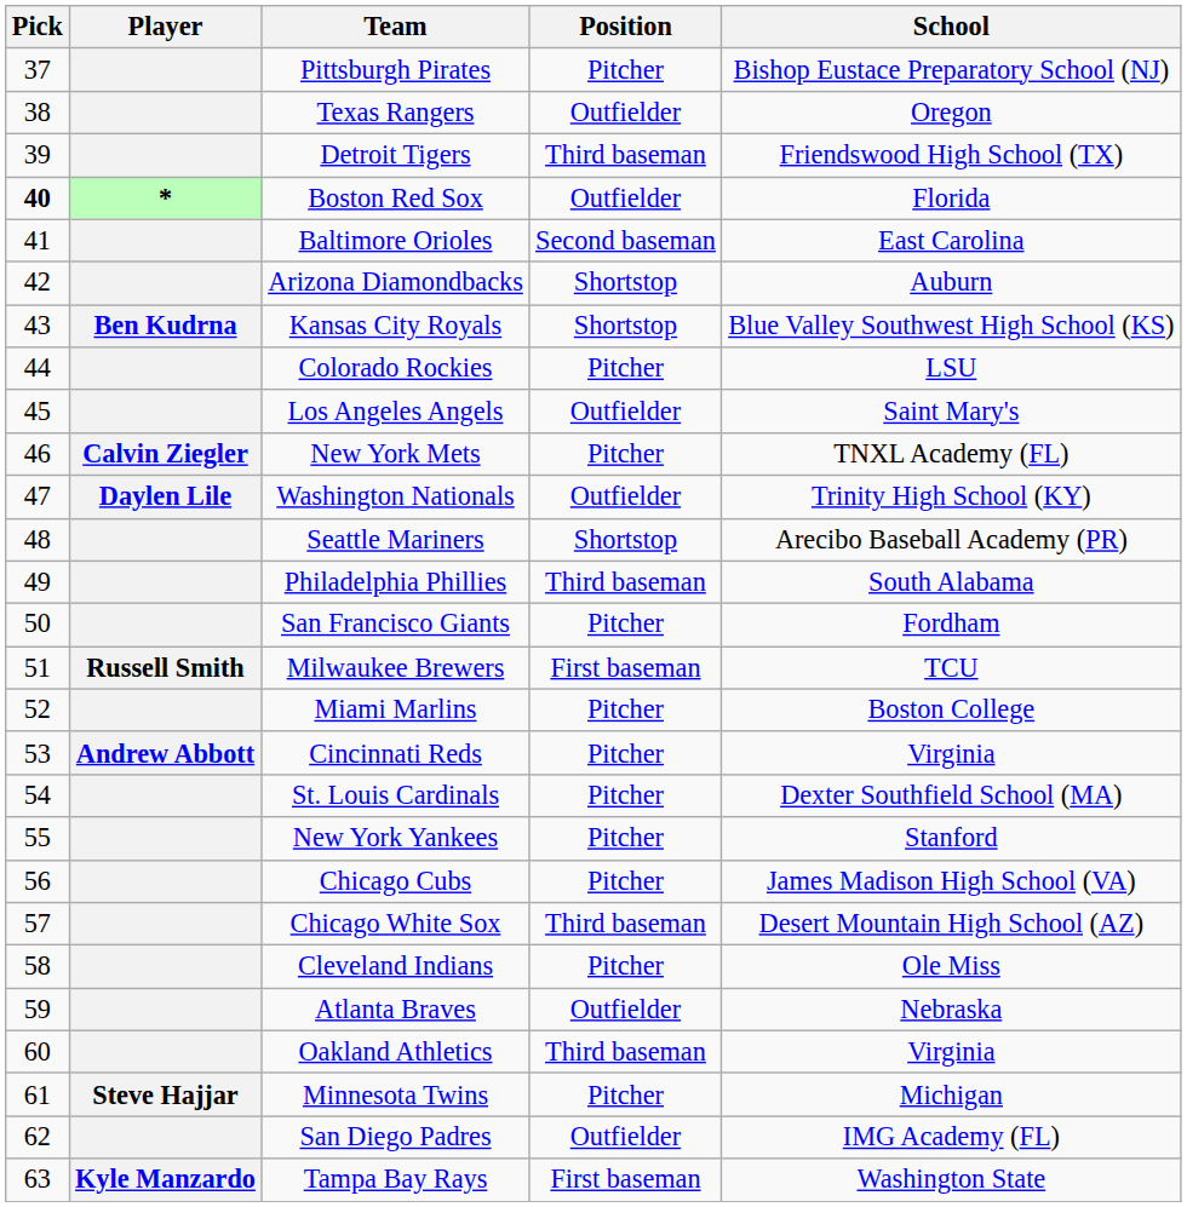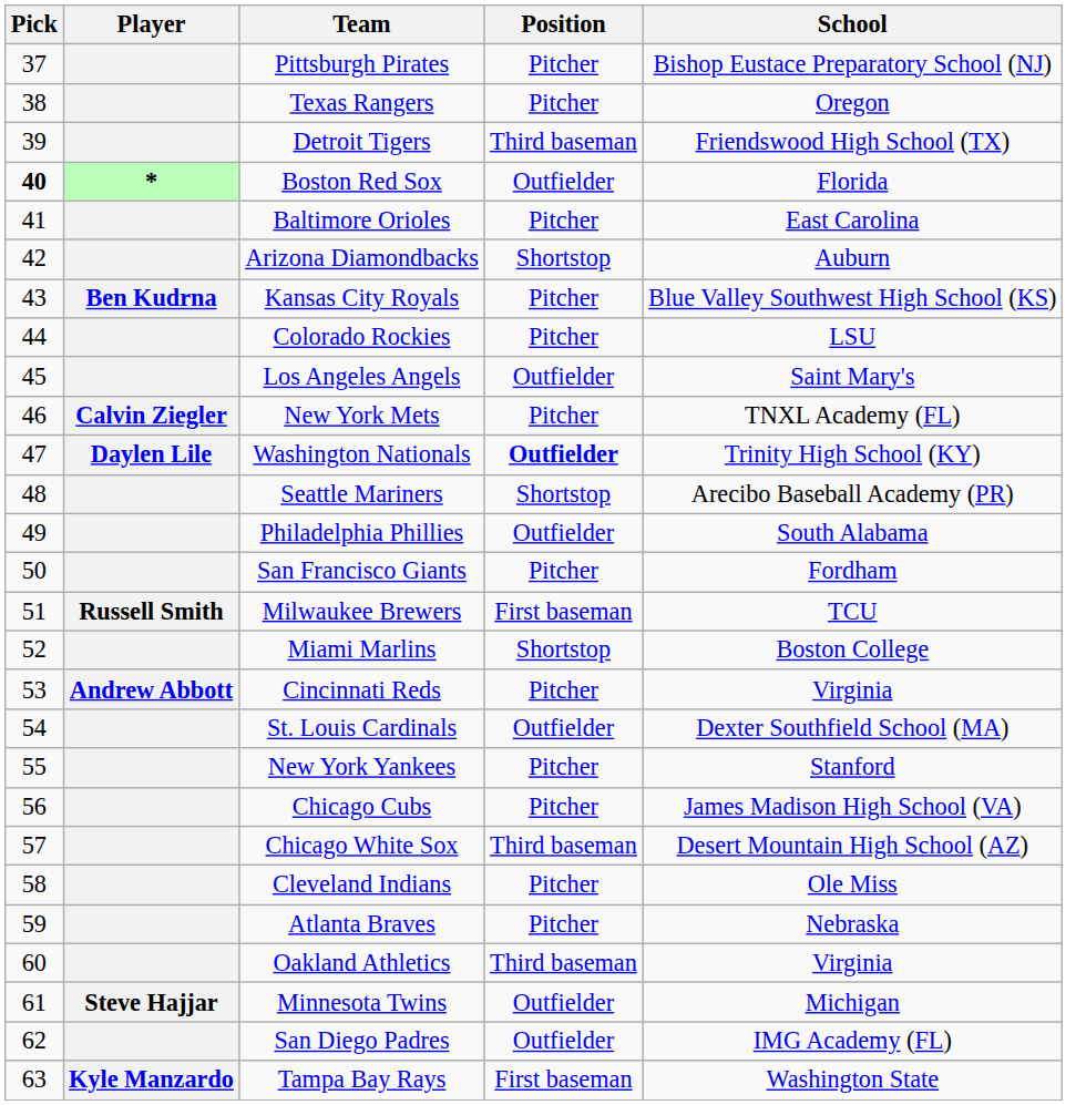 <table class="wikitable sortable plainrowheaders" style="text-align:center; width=74%">
 <tr>
 <th scope="col">Pick</th>
 <th scope="col">Player</th>
 <th scope="col">Team</th>
 <th scope="col">Position</th>
 <th scope="col">School</th>
 </tr>
 <tr>
 <td>37</td>
 <th scope="row" style="text-align:center"></th>
 <td><a href='#'>Pittsburgh Pirates</a></td>
 <td><a href='#'>Pitcher</a></td>
 <td><a href='#'>Bishop Eustace Preparatory School</a> (<a href='#'>NJ</a>)</td>
 </tr>
 <tr>
 <td>38</td>
 <th scope="row" style="text-align:center"></th>
 <td><a href='#'>Texas Rangers</a></td>
-<td><a href='#'>Outfielder</a></td>
+<td><a href='#'>Pitcher</a></td>
 <td><a href='#'>Oregon</a></td>
 </tr>
 <tr>
 <td>39</td>
 <th scope="row" style="text-align:center"></th>
 <td><a href='#'>Detroit Tigers</a></td>
 <td><a href='#'>Third baseman</a></td>
 <td><a href='#'>Friendswood High School</a> (<a href='#'>TX</a>)</td>
 </tr>
 <tr>
 <td><strong>40</strong></td>
 <th scope="row" style="text-align:center; background:#bfb;”">*</th>
 <td><a href='#'>Boston Red Sox</a></td>
 <td><a href='#'>Outfielder</a></td>
 <td><a href='#'>Florida</a></td>
 </tr>
 <tr>
 <td>41</td>
 <th scope="row" style="text-align:center"></th>
 <td><a href='#'>Baltimore Orioles</a></td>
-<td><a href='#'>Second baseman</a></td>
+<td><a href='#'>Pitcher</a></td>
 <td><a href='#'>East Carolina</a></td>
 </tr>
 <tr>
 <td>42</td>
 <th scope="row" style="text-align:center"></th>
 <td><a href='#'>Arizona Diamondbacks</a></td>
 <td><a href='#'>Shortstop</a></td>
 <td><a href='#'>Auburn</a></td>
 </tr>
 <tr>
 <td>43</td>
 <th scope="row" style="text-align:center"><a href='#'>Ben Kudrna</a></th>
 <td><a href='#'>Kansas City Royals</a></td>
-<td><a href='#'>Shortstop</a></td>
+<td><a href='#'>Pitcher</a></td>
 <td><a href='#'>Blue Valley Southwest High School</a> (<a href='#'>KS</a>)</td>
 </tr>
 <tr>
 <td>44</td>
 <th scope="row" style="text-align:center"></th>
 <td><a href='#'>Colorado Rockies</a></td>
 <td><a href='#'>Pitcher</a></td>
 <td><a href='#'>LSU</a></td>
 </tr>
 <tr>
 <td>45</td>
 <th scope="row" style="text-align:center"></th>
 <td><a href='#'>Los Angeles Angels</a></td>
 <td><a href='#'>Outfielder</a></td>
 <td><a href='#'>Saint Mary's</a></td>
 </tr>
 <tr>
 <td>46</td>
 <th scope="row" style="text-align:center"><a href='#'>Calvin Ziegler</a></th>
 <td><a href='#'>New York Mets</a></td>
 <td><a href='#'>Pitcher</a></td>
 <td>TNXL Academy (<a href='#'>FL</a>)</td>
 </tr>
 <tr>
 <td>47</td>
 <th scope="row" style="text-align:center"><a href='#'>Daylen Lile</a></th>
 <td><a href='#'>Washington Nationals</a></td>
-<td><a href='#'>Outfielder</a></td>
+<td><strong><a href='#'>Outfielder</a></strong></td>
 <td><a href='#'>Trinity High School</a> (<a href='#'>KY</a>)</td>
 </tr>
 <tr>
 <td>48</td>
 <th scope="row" style="text-align:center"></th>
 <td><a href='#'>Seattle Mariners</a></td>
 <td><a href='#'>Shortstop</a></td>
 <td>Arecibo Baseball Academy (<a href='#'>PR</a>)</td>
 </tr>
 <tr>
 <td>49</td>
 <th scope="row" style="text-align:center"></th>
 <td><a href='#'>Philadelphia Phillies</a></td>
-<td><a href='#'>Third baseman</a></td>
+<td><a href='#'>Outfielder</a></td>
 <td><a href='#'>South Alabama</a></td>
 </tr>
 <tr>
 <td>50</td>
 <th scope="row" style="text-align:center"></th>
 <td><a href='#'>San Francisco Giants</a></td>
 <td><a href='#'>Pitcher</a></td>
 <td><a href='#'>Fordham</a></td>
 </tr>
 <tr>
 <td>51</td>
 <th scope="row" style="text-align:center">Russell Smith</th>
 <td><a href='#'>Milwaukee Brewers</a></td>
 <td><a href='#'>First baseman</a></td>
 <td><a href='#'>TCU</a></td>
 </tr>
 <tr>
 <td>52</td>
 <th scope="row" style="text-align:center"></th>
 <td><a href='#'>Miami Marlins</a></td>
-<td><a href='#'>Pitcher</a></td>
+<td><a href='#'>Shortstop</a></td>
 <td><a href='#'>Boston College</a></td>
 </tr>
 <tr>
 <td>53</td>
 <th scope="row" style="text-align:center"><a href='#'>Andrew Abbott</a></th>
 <td><a href='#'>Cincinnati Reds</a></td>
 <td><a href='#'>Pitcher</a></td>
 <td><a href='#'>Virginia</a></td>
 </tr>
 <tr>
 <td>54</td>
 <th scope="row" style="text-align:center"></th>
 <td><a href='#'>St. Louis Cardinals</a></td>
-<td><a href='#'>Pitcher</a></td>
+<td><a href='#'>Outfielder</a></td>
 <td><a href='#'>Dexter Southfield School</a> (<a href='#'>MA</a>)</td>
 </tr>
 <tr>
 <td>55</td>
 <th scope="row" style="text-align:center"></th>
 <td><a href='#'>New York Yankees</a></td>
 <td><a href='#'>Pitcher</a></td>
 <td><a href='#'>Stanford</a></td>
 </tr>
 <tr>
 <td>56</td>
 <th scope="row" style="text-align:center"></th>
 <td><a href='#'>Chicago Cubs</a></td>
 <td><a href='#'>Pitcher</a></td>
 <td><a href='#'>James Madison High School</a> (<a href='#'>VA</a>)</td>
 </tr>
 <tr>
 <td>57</td>
 <th scope="row" style="text-align:center"></th>
 <td><a href='#'>Chicago White Sox</a></td>
 <td><a href='#'>Third baseman</a></td>
 <td><a href='#'>Desert Mountain High School</a> (<a href='#'>AZ</a>)</td>
 </tr>
 <tr>
 <td>58</td>
 <th scope="row" style="text-align:center"></th>
 <td><a href='#'>Cleveland Indians</a></td>
 <td><a href='#'>Pitcher</a></td>
 <td><a href='#'>Ole Miss</a></td>
 </tr>
 <tr>
 <td>59</td>
 <th scope="row" style="text-align:center"></th>
 <td><a href='#'>Atlanta Braves</a></td>
-<td><a href='#'>Outfielder</a></td>
+<td><a href='#'>Pitcher</a></td>
 <td><a href='#'>Nebraska</a></td>
 </tr>
 <tr>
 <td>60</td>
 <th scope="row" style="text-align:center"></th>
 <td><a href='#'>Oakland Athletics</a></td>
 <td><a href='#'>Third baseman</a></td>
 <td><a href='#'>Virginia</a></td>
 </tr>
 <tr>
 <td>61</td>
 <th scope="row" style="text-align:center">Steve Hajjar</th>
 <td><a href='#'>Minnesota Twins</a></td>
-<td><a href='#'>Pitcher</a></td>
+<td><a href='#'>Outfielder</a></td>
 <td><a href='#'>Michigan</a></td>
 </tr>
 <tr>
 <td>62</td>
 <th scope="row" style="text-align:center"></th>
 <td><a href='#'>San Diego Padres</a></td>
 <td><a href='#'>Outfielder</a></td>
 <td><a href='#'>IMG Academy</a> (<a href='#'>FL</a>)</td>
 </tr>
 <tr>
 <td>63</td>
 <th scope="row" style="text-align:center"><a href='#'>Kyle Manzardo</a></th>
 <td><a href='#'>Tampa Bay Rays</a></td>
 <td><a href='#'>First baseman</a></td>
 <td><a href='#'>Washington State</a></td>
 </tr>
 <tr>
 </tr>
 </table>
